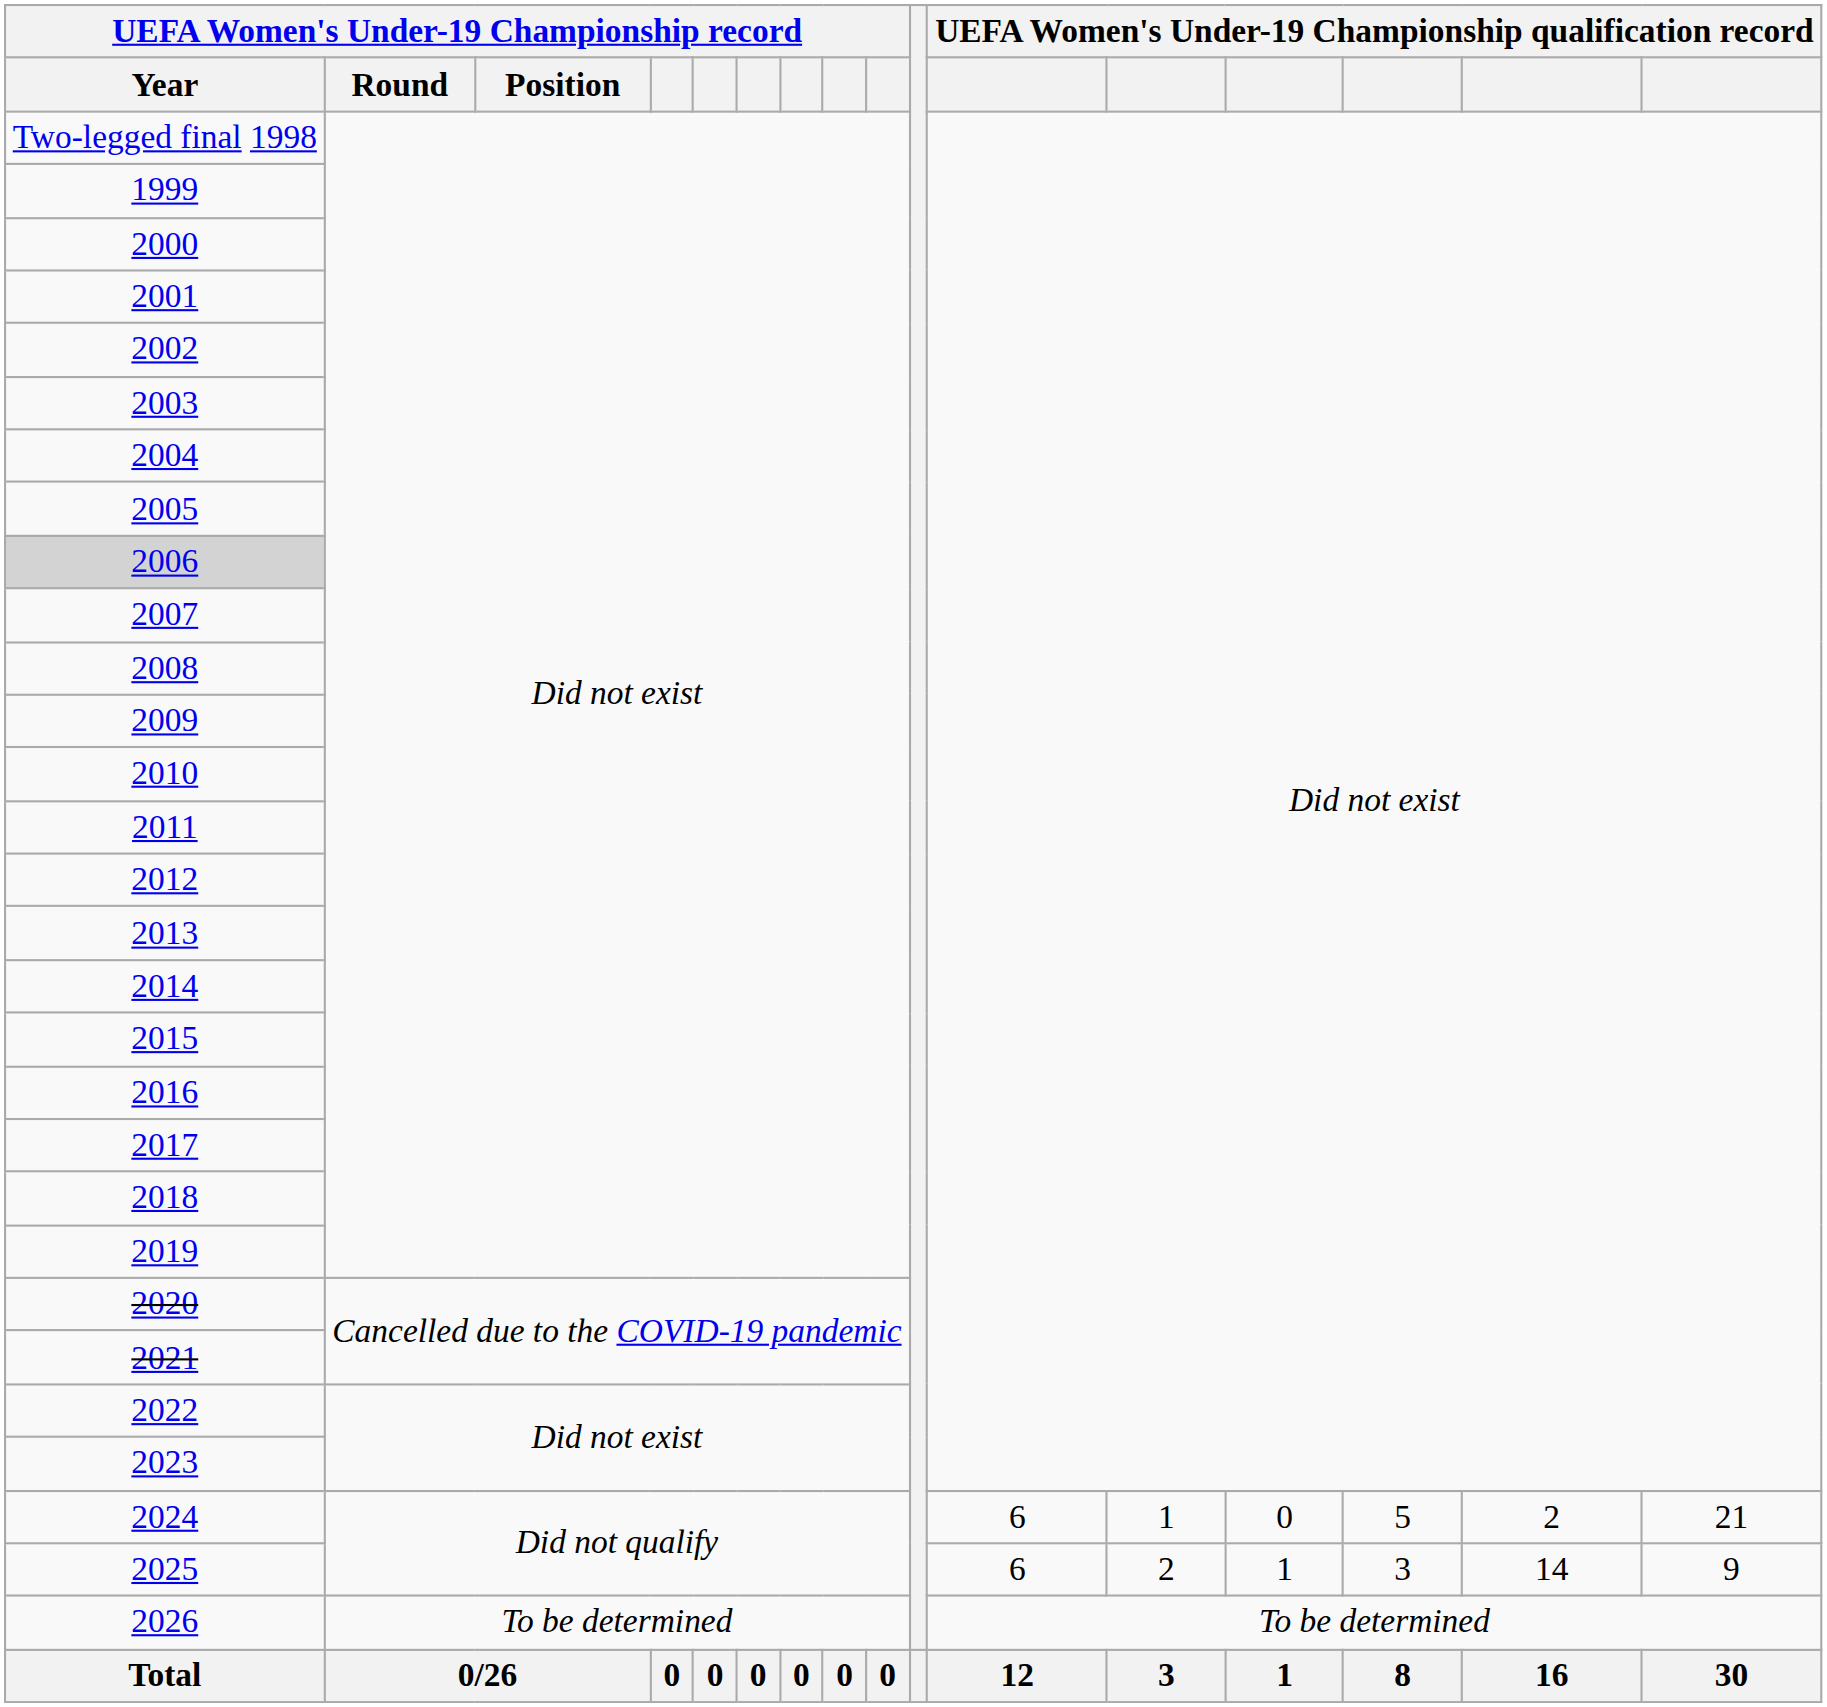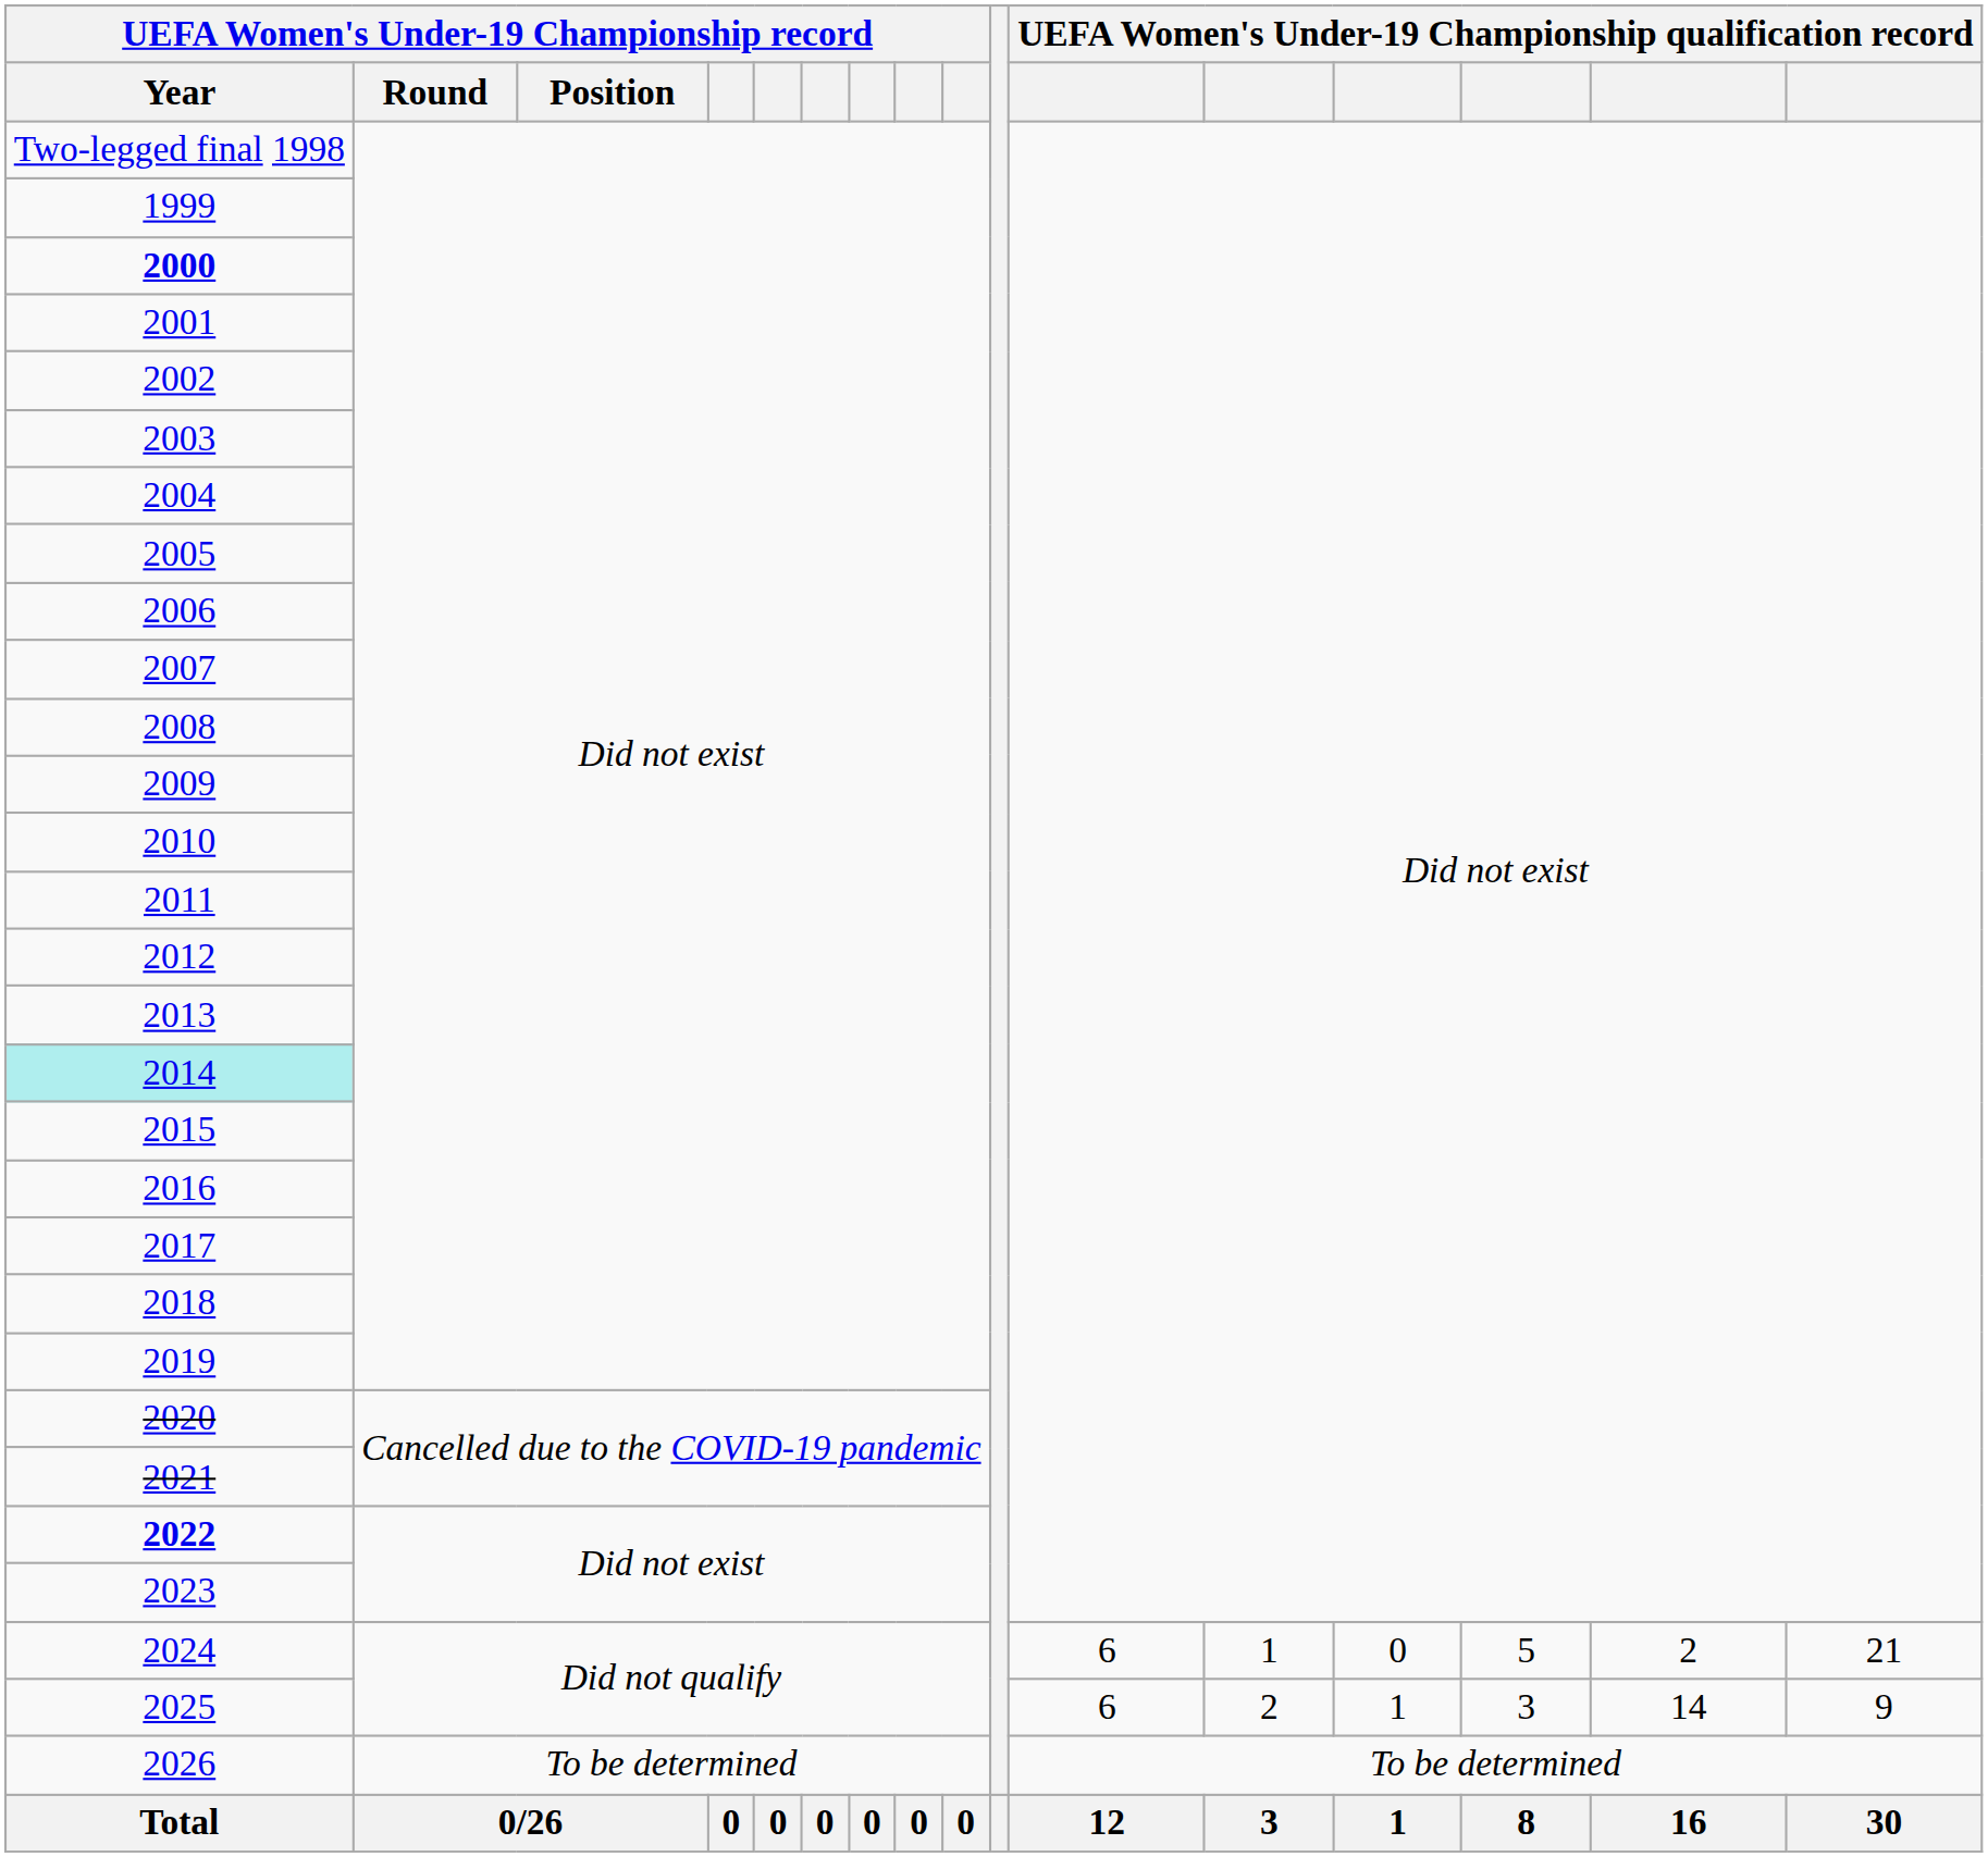 <table class="wikitable" style="text-align: center;">
 <tr>
 <th colspan=9><a href='#'>UEFA Women's Under-19 Championship record</a></th>
 <th style="width:1%;" rowspan="31"></th>
 <th colspan=6>UEFA Women's Under-19 Championship qualification record</th>
 </tr>
 <tr>
 <th>Year</th>
 <th>Round</th>
 <th>Position</th>
 <th></th>
 <th></th>
 <th></th>
 <th></th>
 <th></th>
 <th></th>
 <th></th>
 <th></th>
 <th></th>
 <th></th>
 <th></th>
 <th></th>
 </tr>
 <tr>
 <td><a href='#'>Two-legged final</a> <a href='#'>1998</a></td>
 <td colspan=8 rowspan=22><em>Did not exist</em></td>
 <td colspan=8 rowspan=26><em>Did not exist</em></td>
 </tr>
 <tr>
 <td> <a href='#'>1999</a></td>
 </tr>
 <tr>
-<td> <a href='#'>2000</a></td>
+<td><strong> <a href='#'>2000</a></strong></td>
 </tr>
 <tr>
 <td> <a href='#'>2001</a></td>
 </tr>
 <tr>
 <td> <a href='#'>2002</a></td>
 </tr>
 <tr>
 <td> <a href='#'>2003</a></td>
 </tr>
 <tr>
 <td> <a href='#'>2004</a></td>
 </tr>
 <tr>
 <td> <a href='#'>2005</a></td>
 </tr>
 <tr>
-<td style="background: lightgrey;"> <a href='#'>2006</a></td>
+<td> <a href='#'>2006</a></td>
 </tr>
 <tr>
 <td> <a href='#'>2007</a></td>
 </tr>
 <tr>
 <td> <a href='#'>2008</a></td>
 </tr>
 <tr>
 <td> <a href='#'>2009</a></td>
 </tr>
 <tr>
 <td> <a href='#'>2010</a></td>
 </tr>
 <tr>
 <td> <a href='#'>2011</a></td>
 </tr>
 <tr>
 <td> <a href='#'>2012</a></td>
 </tr>
 <tr>
 <td> <a href='#'>2013</a></td>
 </tr>
 <tr>
-<td> <a href='#'>2014</a></td>
+<td style="background: paleturquoise;"> <a href='#'>2014</a></td>
 </tr>
 <tr>
 <td> <a href='#'>2015</a></td>
 </tr>
 <tr>
 <td> <a href='#'>2016</a></td>
 </tr>
 <tr>
 <td> <a href='#'>2017</a></td>
 </tr>
 <tr>
 <td> <a href='#'>2018</a></td>
 </tr>
 <tr>
 <td> <a href='#'>2019</a></td>
 </tr>
 <tr>
 <td> <s><a href='#'>2020</a></s></td>
 <td colspan=8 rowspan=2><em>Cancelled due to the <a href='#'>COVID-19 pandemic</a></em></td>
 </tr>
 <tr>
 <td> <s><a href='#'>2021</a></s></td>
 </tr>
 <tr>
-<td> <a href='#'>2022</a></td>
+<td><strong> <a href='#'>2022</a></strong></td>
 <td colspan=8 rowspan=2><em>Did not exist</em></td>
 </tr>
 <tr>
 <td> <a href='#'>2023</a></td>
 </tr>
 <tr>
 <td> <a href='#'>2024</a></td>
 <td colspan=8 rowspan=2><em>Did not qualify</em></td>
 <td>6</td>
 <td>1</td>
 <td>0</td>
 <td>5</td>
 <td>2</td>
 <td>21</td>
 </tr>
 <tr>
 <td> <a href='#'>2025</a></td>
 <td>6</td>
 <td>2</td>
 <td>1</td>
 <td>3</td>
 <td>14</td>
 <td>9</td>
 </tr>
 <tr>
 <td> <a href='#'>2026</a></td>
 <td colspan=8><em>To be determined</em></td>
 <td colspan=6><em>To be determined</em></td>
 </tr>
 <tr>
 <th><strong>Total</strong></th>
 <th colspan=2>0/26</th>
 <th>0</th>
 <th>0</th>
 <th>0</th>
 <th>0</th>
 <th>0</th>
 <th>0</th>
 <th></th>
 <th>12</th>
 <th>3</th>
 <th>1</th>
 <th>8</th>
 <th>16</th>
 <th>30</th>
 </tr>
 </table>
